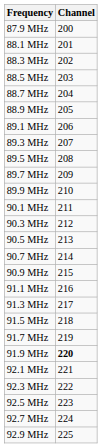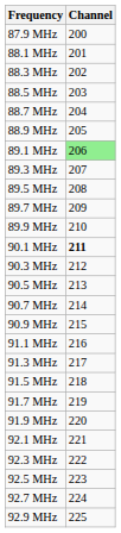 <table class="wikitable" style="display:inline-table">
 <tr>
 <th>Frequency</th>
 <th>Channel</th>
 </tr>
 <tr>
 <td>87.9 MHz</td>
 <td>200</td>
 </tr>
 <tr>
 <td>88.1 MHz</td>
 <td>201</td>
 </tr>
 <tr>
 <td>88.3 MHz</td>
 <td>202</td>
 </tr>
 <tr>
 <td>88.5 MHz</td>
 <td>203</td>
 </tr>
 <tr>
 <td>88.7 MHz</td>
 <td>204</td>
 </tr>
 <tr>
 <td>88.9 MHz</td>
 <td>205</td>
 </tr>
 <tr>
 <td>89.1 MHz</td>
-<td>206</td>
+<td style="background: lightgreen;">206</td>
 </tr>
 <tr>
 <td>89.3 MHz</td>
 <td>207</td>
 </tr>
 <tr>
 <td>89.5 MHz</td>
 <td>208</td>
 </tr>
 <tr>
 <td>89.7 MHz</td>
 <td>209</td>
 </tr>
 <tr>
 <td>89.9 MHz</td>
 <td>210</td>
 </tr>
 <tr>
 <td>90.1 MHz</td>
-<td>211</td>
+<td><strong>211</strong></td>
 </tr>
 <tr>
 <td>90.3 MHz</td>
 <td>212</td>
 </tr>
 <tr>
 <td>90.5 MHz</td>
 <td>213</td>
 </tr>
 <tr>
 <td>90.7 MHz</td>
 <td>214</td>
 </tr>
 <tr>
 <td>90.9 MHz</td>
 <td>215</td>
 </tr>
 <tr>
 <td>91.1 MHz</td>
 <td>216</td>
 </tr>
 <tr>
 <td>91.3 MHz</td>
 <td>217</td>
 </tr>
 <tr>
 <td>91.5 MHz</td>
 <td>218</td>
 </tr>
 <tr>
 <td>91.7 MHz</td>
 <td>219</td>
 </tr>
 <tr>
 <td>91.9 MHz</td>
-<td><strong>220</strong></td>
+<td>220</td>
 </tr>
 <tr>
 <td>92.1 MHz</td>
 <td>221</td>
 </tr>
 <tr>
 <td>92.3 MHz</td>
 <td>222</td>
 </tr>
 <tr>
 <td>92.5 MHz</td>
 <td>223</td>
 </tr>
 <tr>
 <td>92.7 MHz</td>
 <td>224</td>
 </tr>
 <tr>
 <td>92.9 MHz</td>
 <td>225</td>
 </tr>
 </table>
